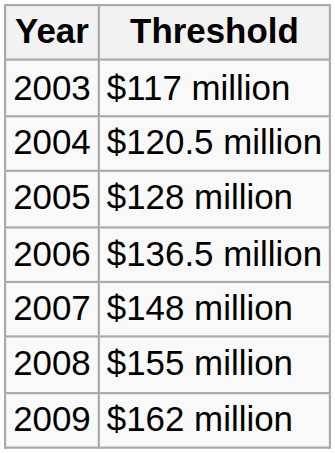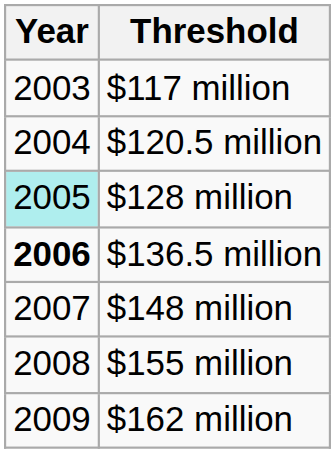 <table class="wikitable">
 <tr>
 <th>Year</th>
 <th>Threshold</th>
 </tr>
 <tr>
 <td>2003</td>
 <td>$117 million</td>
 </tr>
 <tr>
 <td>2004</td>
 <td>$120.5 million</td>
 </tr>
 <tr>
-<td>2005</td>
+<td style="background: paleturquoise;">2005</td>
 <td>$128 million</td>
 </tr>
 <tr>
-<td>2006</td>
+<td><strong>2006</strong></td>
 <td>$136.5 million</td>
 </tr>
 <tr>
 <td>2007</td>
 <td>$148 million</td>
 </tr>
 <tr>
 <td>2008</td>
 <td>$155 million</td>
 </tr>
 <tr>
 <td>2009</td>
 <td>$162 million</td>
 </tr>
 </table>
